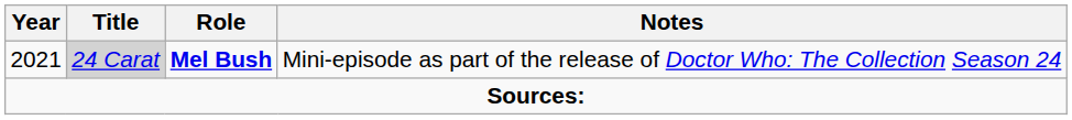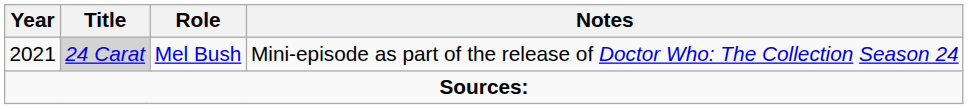 <table class="wikitable sortable">
 <tr>
 <th>Year</th>
 <th>Title</th>
 <th>Role</th>
 <th>Notes</th>
 </tr>
 <tr>
 <td>2021</td>
 <td style="background: lightgrey;"><em><a href='#'>24 Carat</a></em></td>
-<td><strong><a href='#'>Mel Bush</a></strong></td>
+<td><a href='#'>Mel Bush</a></td>
 <td>Mini-episode as part of the release of <em><a href='#'>Doctor Who: The Collection</a> <a href='#'>Season 24</a></em></td>
 </tr>
 <tr>
 <td colspan="4" style="text-align: center;"><strong>Sources:</strong> </td>
 </tr>
 </table>
